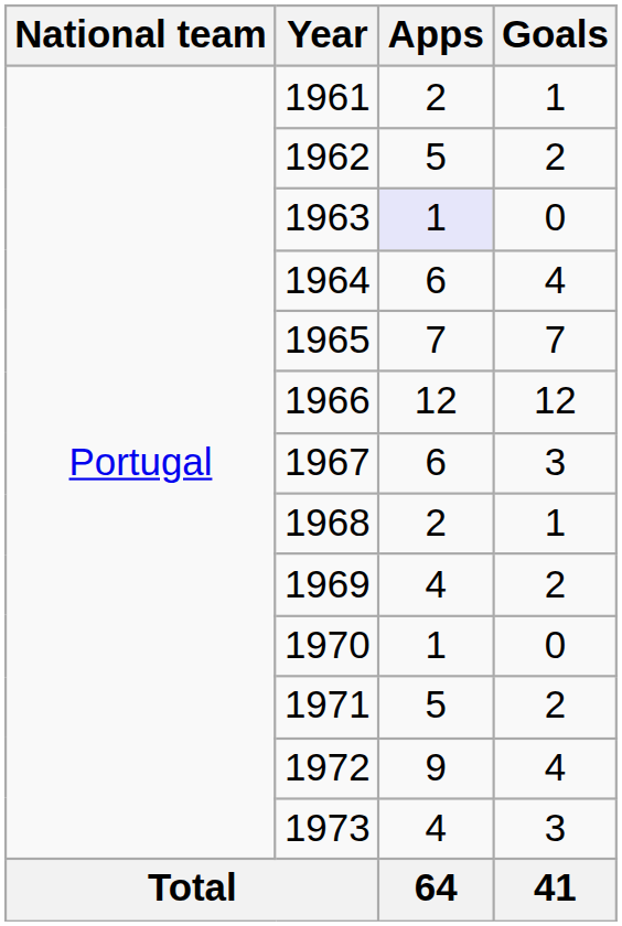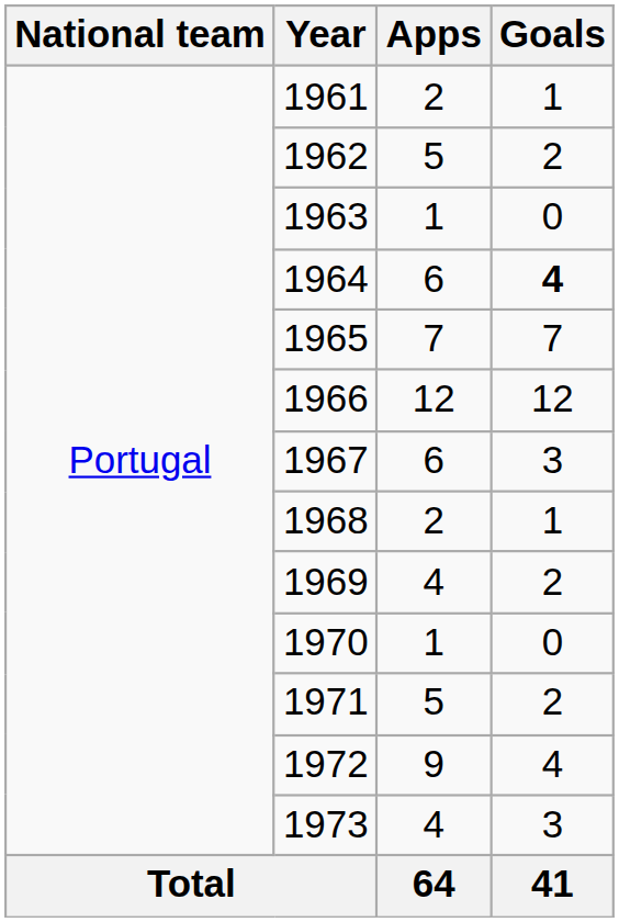 <table class="wikitable" style="text-align:center">
 <tr>
 <th>National team</th>
 <th>Year</th>
 <th width="40">Apps</th>
 <th width="40">Goals</th>
 </tr>
 <tr>
 <td rowspan="13"><a href='#'>Portugal</a></td>
 <td>1961</td>
 <td>2</td>
 <td>1</td>
 </tr>
 <tr>
 <td>1962</td>
 <td>5</td>
 <td>2</td>
 </tr>
 <tr>
 <td>1963</td>
-<td style="background: lavender;">1</td>
+<td>1</td>
 <td>0</td>
 </tr>
 <tr>
 <td>1964</td>
 <td>6</td>
-<td>4</td>
+<td><strong>4</strong></td>
 </tr>
 <tr>
 <td>1965</td>
 <td>7</td>
 <td>7</td>
 </tr>
 <tr>
 <td>1966</td>
 <td>12</td>
 <td>12</td>
 </tr>
 <tr>
 <td>1967</td>
 <td>6</td>
 <td>3</td>
 </tr>
 <tr>
 <td>1968</td>
 <td>2</td>
 <td>1</td>
 </tr>
 <tr>
 <td>1969</td>
 <td>4</td>
 <td>2</td>
 </tr>
 <tr>
 <td>1970</td>
 <td>1</td>
 <td>0</td>
 </tr>
 <tr>
 <td>1971</td>
 <td>5</td>
 <td>2</td>
 </tr>
 <tr>
 <td>1972</td>
 <td>9</td>
 <td>4</td>
 </tr>
 <tr>
 <td>1973</td>
 <td>4</td>
 <td>3</td>
 </tr>
 <tr>
 <th colspan="2">Total</th>
 <th>64</th>
 <th>41</th>
 </tr>
 </table>
